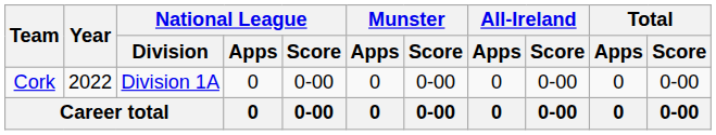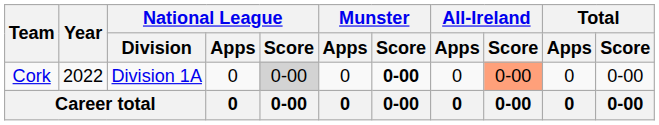 <table class="wikitable" style="text-align:center">
 <tr>
 <th rowspan="2">Team</th>
 <th rowspan="2">Year</th>
 <th colspan="3"><a href='#'>National League</a></th>
 <th colspan="2"><a href='#'>Munster</a></th>
 <th colspan="2"><a href='#'>All-Ireland</a></th>
 <th colspan="2">Total</th>
 </tr>
 <tr>
 <th>Division</th>
 <th>Apps</th>
 <th>Score</th>
 <th>Apps</th>
 <th>Score</th>
 <th>Apps</th>
 <th>Score</th>
 <th>Apps</th>
 <th>Score</th>
 </tr>
 <tr>
 <td rowspan="1"><a href='#'>Cork</a></td>
 <td>2022</td>
 <td rowspan="1"><a href='#'>Division 1A</a></td>
 <td>0</td>
-<td>0-00</td>
+<td style="background: lightgrey;">0-00</td>
 <td>0</td>
-<td>0-00</td>
+<td><strong>0-00</strong></td>
 <td>0</td>
-<td>0-00</td>
+<td style="background: lightsalmon;">0-00</td>
 <td>0</td>
 <td>0-00</td>
 </tr>
 <tr>
 <th colspan="3">Career total</th>
 <th>0</th>
 <th>0-00</th>
 <th>0</th>
 <th>0-00</th>
 <th>0</th>
 <th>0-00</th>
 <th>0</th>
 <th>0-00</th>
 </tr>
 </table>
